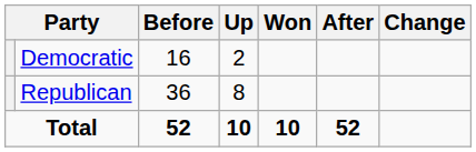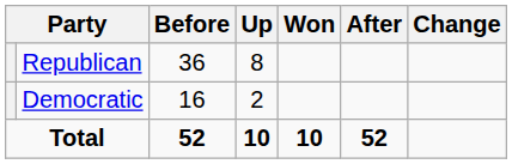 <table class="wikitable" style="text-align:center;">
 <tr>
 <th colspan="2">Party</th>
 <th>Before</th>
 <th>Up</th>
 <th>Won</th>
 <th>After</th>
 <th>Change</th>
 </tr>
 <tr>
 <th style="background-color:"></th>
-<td style="text-align:left;"><a href='#'>Democratic</a></td>
-<td>16</td>
-<td>2</td>
+<td style="text-align:left;"><a href='#'>Republican</a></td>
+<td>36</td>
+<td>8</td>
 <td></td>
 <td></td>
 <td></td>
 </tr>
 <tr>
 <th style="background-color:"></th>
-<td style="text-align:left;"><a href='#'>Republican</a></td>
-<td>36</td>
-<td>8</td>
+<td style="text-align:left;"><a href='#'>Democratic</a></td>
+<td>16</td>
+<td>2</td>
 <td></td>
 <td></td>
 <td></td>
 </tr>
 <tr>
 <td colspan="2"><strong>Total</strong></td>
 <td><strong>52</strong></td>
 <td><strong>10</strong></td>
 <td><strong>10</strong></td>
 <td><strong>52</strong></td>
 <td></td>
 </tr>
 </table>
